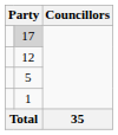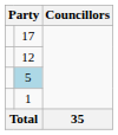 <table class="wikitable">
 <tr>
 <th colspan=2>Party</th>
 <th>Councillors</th>
 </tr>
 <tr>
 <td></td>
-<td align=center style="background: lightgrey;">17</td>
+<td align=center>17</td>
 </tr>
 <tr>
 <td></td>
 <td align=center>12</td>
 </tr>
 <tr>
 <td></td>
-<td align=center>5</td>
+<td align=center style="background: lightblue;">5</td>
 </tr>
 <tr>
 <td></td>
 <td align=center>1</td>
 </tr>
 <tr>
 <th colspan=2>Total</th>
 <th>35</th>
 </tr>
 </table>
